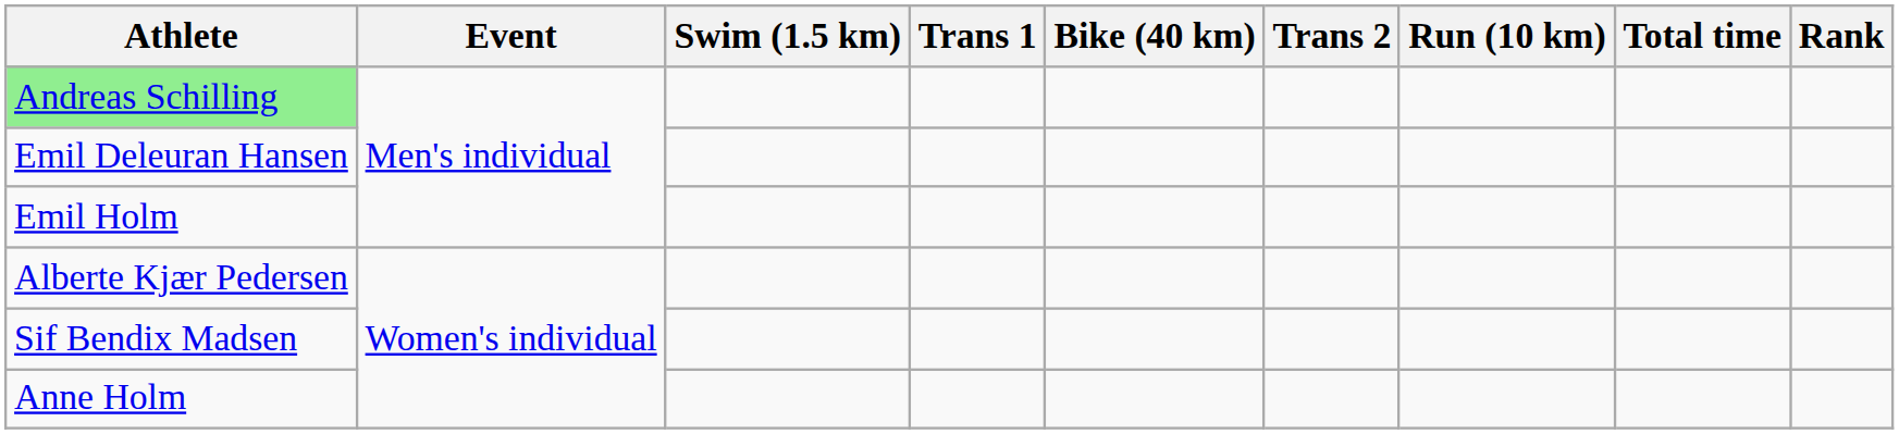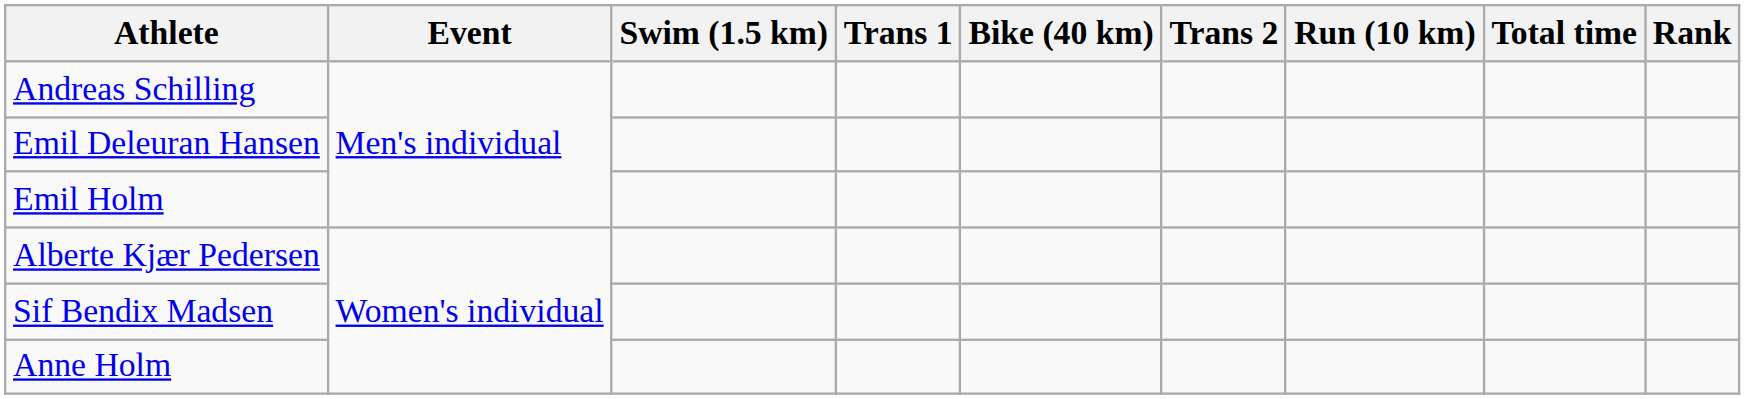 <table class="wikitable" style="font-size:90%">
 <tr>
 <th>Athlete</th>
 <th>Event</th>
 <th>Swim (1.5 km)</th>
 <th>Trans 1</th>
 <th>Bike (40 km)</th>
 <th>Trans 2</th>
 <th>Run (10 km)</th>
 <th>Total time</th>
 <th>Rank</th>
 </tr>
 <tr align=center>
-<td align=left style="background: lightgreen;"><a href='#'>Andreas Schilling</a></td>
+<td align=left><a href='#'>Andreas Schilling</a></td>
 <td align=left rowspan=3><a href='#'>Men's individual</a></td>
 <td></td>
 <td></td>
 <td></td>
 <td></td>
 <td></td>
 <td></td>
 <td></td>
 </tr>
 <tr align=center>
 <td align=left><a href='#'>Emil Deleuran Hansen</a></td>
 <td></td>
 <td></td>
 <td></td>
 <td></td>
 <td></td>
 <td></td>
 <td></td>
 </tr>
 <tr align=center>
 <td align=left><a href='#'>Emil Holm</a></td>
 <td></td>
 <td></td>
 <td></td>
 <td></td>
 <td></td>
 <td></td>
 <td></td>
 </tr>
 <tr align=center>
 <td align=left><a href='#'>Alberte Kjær Pedersen</a></td>
 <td align=left rowspan=3><a href='#'>Women's individual</a></td>
 <td></td>
 <td></td>
 <td></td>
 <td></td>
 <td></td>
 <td></td>
 <td></td>
 </tr>
 <tr align=center>
 <td align=left><a href='#'>Sif Bendix Madsen</a></td>
 <td></td>
 <td></td>
 <td></td>
 <td></td>
 <td></td>
 <td></td>
 <td></td>
 </tr>
 <tr align=center>
 <td align=left><a href='#'>Anne Holm</a></td>
 <td></td>
 <td></td>
 <td></td>
 <td></td>
 <td></td>
 <td></td>
 <td></td>
 </tr>
 </table>
